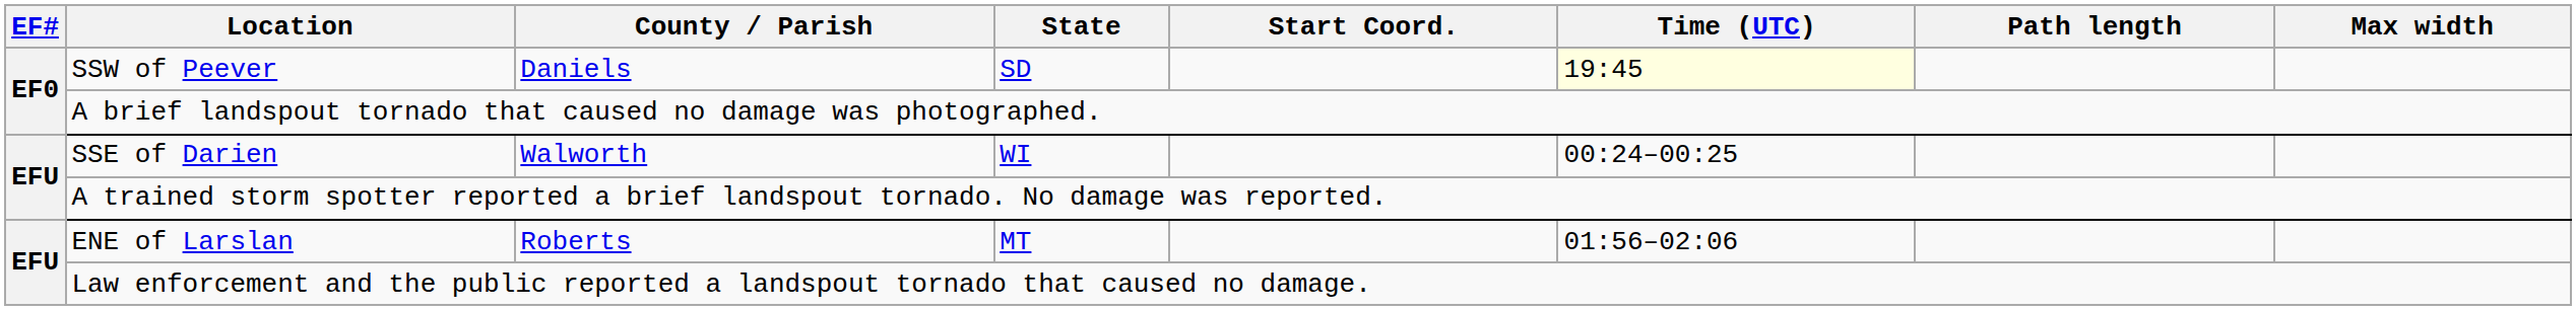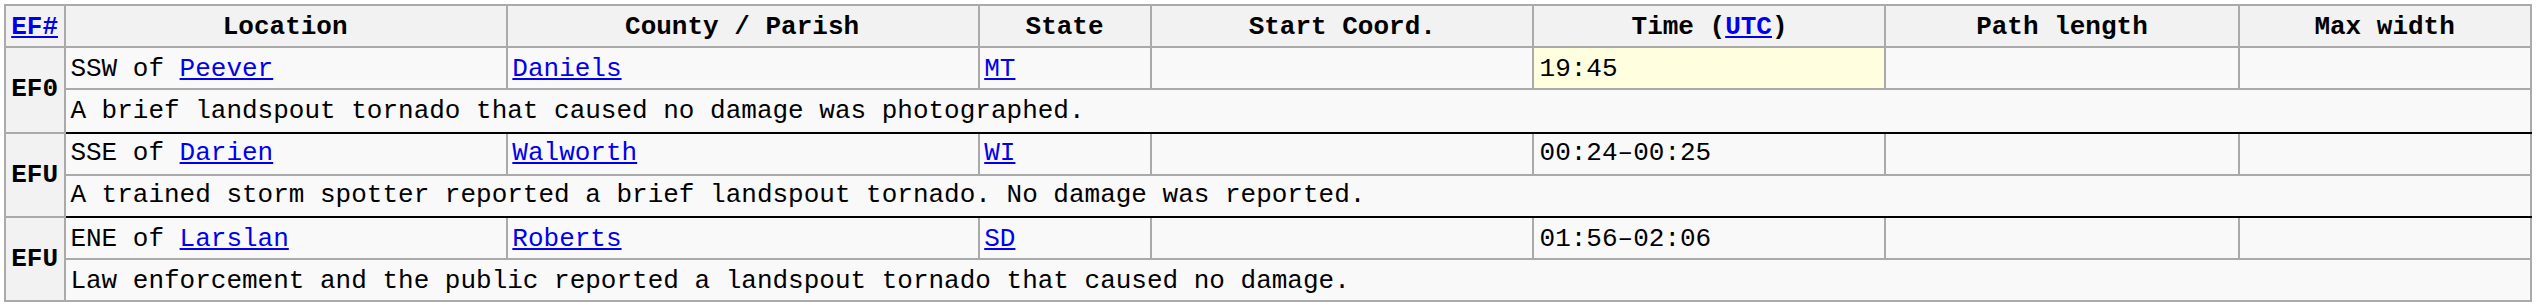 <table class="wikitable sortable" style="width:100%;">
 <tr>
 <th scope="col" width="2%" align="center"><a href='#'>EF#</a></th>
 <th scope="col" align="center" class="unsortable">Location</th>
 <th scope="col" align="center" class="unsortable">County / Parish</th>
 <th scope="col" align="center">State</th>
 <th scope="col" align="center">Start Coord.</th>
 <th scope="col" align="center">Time (<a href='#'>UTC</a>)</th>
 <th scope="col" align="center">Path length</th>
 <th scope="col" align="center">Max width</th>
 </tr>
 <tr>
 <th scope="row" rowspan="2" style="background-color:#">EF0</th>
 <td>SSW of <a href='#'>Peever</a></td>
 <td><a href='#'>Daniels</a></td>
-<td><a href='#'>SD</a></td>
+<td><a href='#'>MT</a></td>
 <td></td>
 <td style="background: lightyellow;">19:45</td>
 <td></td>
 <td></td>
 </tr>
 <tr class="expand-child">
 <td colspan="8" style=" border-bottom: 1px solid black;">A brief landspout tornado that caused no damage was photographed.</td>
 </tr>
 <tr>
 <th scope="row" rowspan="2" style="background-color:#">EFU</th>
 <td>SSE of <a href='#'>Darien</a></td>
 <td><a href='#'>Walworth</a></td>
 <td><a href='#'>WI</a></td>
 <td></td>
 <td>00:24–00:25</td>
 <td></td>
 <td></td>
 </tr>
 <tr class="expand-child">
 <td colspan="8" style=" border-bottom: 1px solid black;">A trained storm spotter reported a brief landspout tornado. No damage was reported.</td>
 </tr>
 <tr>
 <th scope="row" rowspan="2" style="background-color:#">EFU</th>
 <td>ENE of <a href='#'>Larslan</a></td>
 <td><a href='#'>Roberts</a></td>
-<td><a href='#'>MT</a></td>
+<td><a href='#'>SD</a></td>
 <td></td>
 <td>01:56–02:06</td>
 <td></td>
 <td></td>
 </tr>
 <tr class="expand-child">
 <td colspan="8" style=" border-bottom: 1px solid black;">Law enforcement and the public reported a landspout tornado that caused no damage.</td>
 </tr>
 <tr>
 </tr>
 </table>
